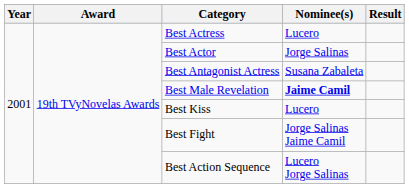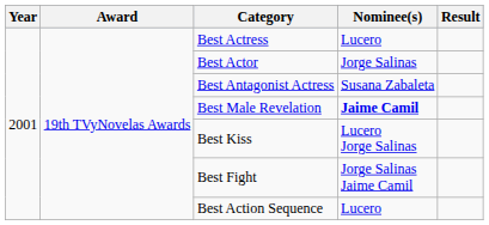 <table class="wikitable">
 <tr style="background:#b0c4de;">
 <th>Year</th>
 <th>Award</th>
 <th>Category</th>
 <th>Nominee(s)</th>
 <th>Result</th>
 </tr>
 <tr>
 <td rowspan=7>2001</td>
 <td rowspan=7><a href='#'>19th TVyNovelas Awards</a></td>
 <td><a href='#'>Best Actress</a></td>
 <td><a href='#'>Lucero</a></td>
 <td></td>
 </tr>
 <tr>
 <td><a href='#'>Best Actor</a></td>
 <td><a href='#'>Jorge Salinas</a></td>
 <td></td>
 </tr>
 <tr>
 <td><a href='#'>Best Antagonist Actress</a></td>
 <td><a href='#'>Susana Zabaleta</a></td>
 <td></td>
 </tr>
 <tr>
 <td><a href='#'>Best Male Revelation</a></td>
 <td><strong><a href='#'>Jaime Camil</a></strong></td>
 <td></td>
 </tr>
 <tr>
 <td>Best Kiss</td>
-<td><a href='#'>Lucero</a></td>
+<td><a href='#'>Lucero</a> <br> <a href='#'>Jorge Salinas</a></td>
 <td></td>
 </tr>
 <tr>
 <td>Best Fight</td>
 <td><a href='#'>Jorge Salinas</a> <br> <a href='#'>Jaime Camil</a></td>
 <td></td>
 </tr>
 <tr>
 <td>Best Action Sequence</td>
-<td><a href='#'>Lucero</a> <br> <a href='#'>Jorge Salinas</a></td>
+<td><a href='#'>Lucero</a></td>
 <td></td>
 </tr>
 </table>
